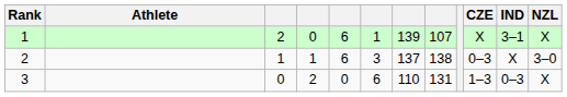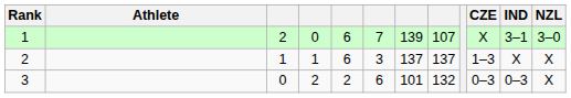 <table class="wikitable" style="text-align:center">
 <tr>
 <th>Rank</th>
 <th width=250>Athlete</th>
 <th width=30></th>
 <th width=30></th>
 <th width=30></th>
 <th width=30></th>
 <th width=30></th>
 <th width=30></th>
 <th rowspan=4></th>
 <th width=30>CZE</th>
 <th width=30>IND</th>
 <th width=30>NZL</th>
 </tr>
 <tr bgcolor=#ccffcc>
 <td>1</td>
 <td align=left></td>
 <td>2</td>
 <td>0</td>
 <td>6</td>
-<td>1</td>
+<td>7</td>
 <td>139</td>
 <td>107</td>
 <td>X</td>
 <td>3–1</td>
-<td>X</td>
+<td>3–0</td>
 </tr>
 <tr>
 <td>2</td>
 <td align=left></td>
 <td>1</td>
 <td>1</td>
 <td>6</td>
 <td>3</td>
 <td>137</td>
-<td>138</td>
-<td>0–3</td>
+<td>137</td>
+<td>1–3</td>
 <td>X</td>
-<td>3–0</td>
+<td>X</td>
 </tr>
 <tr>
 <td>3</td>
 <td align=left></td>
 <td>0</td>
 <td>2</td>
-<td>0</td>
+<td>2</td>
 <td>6</td>
-<td>110</td>
-<td>131</td>
-<td>1–3</td>
+<td>101</td>
+<td>132</td>
+<td>0–3</td>
 <td>0–3</td>
 <td>X</td>
 </tr>
 </table>
